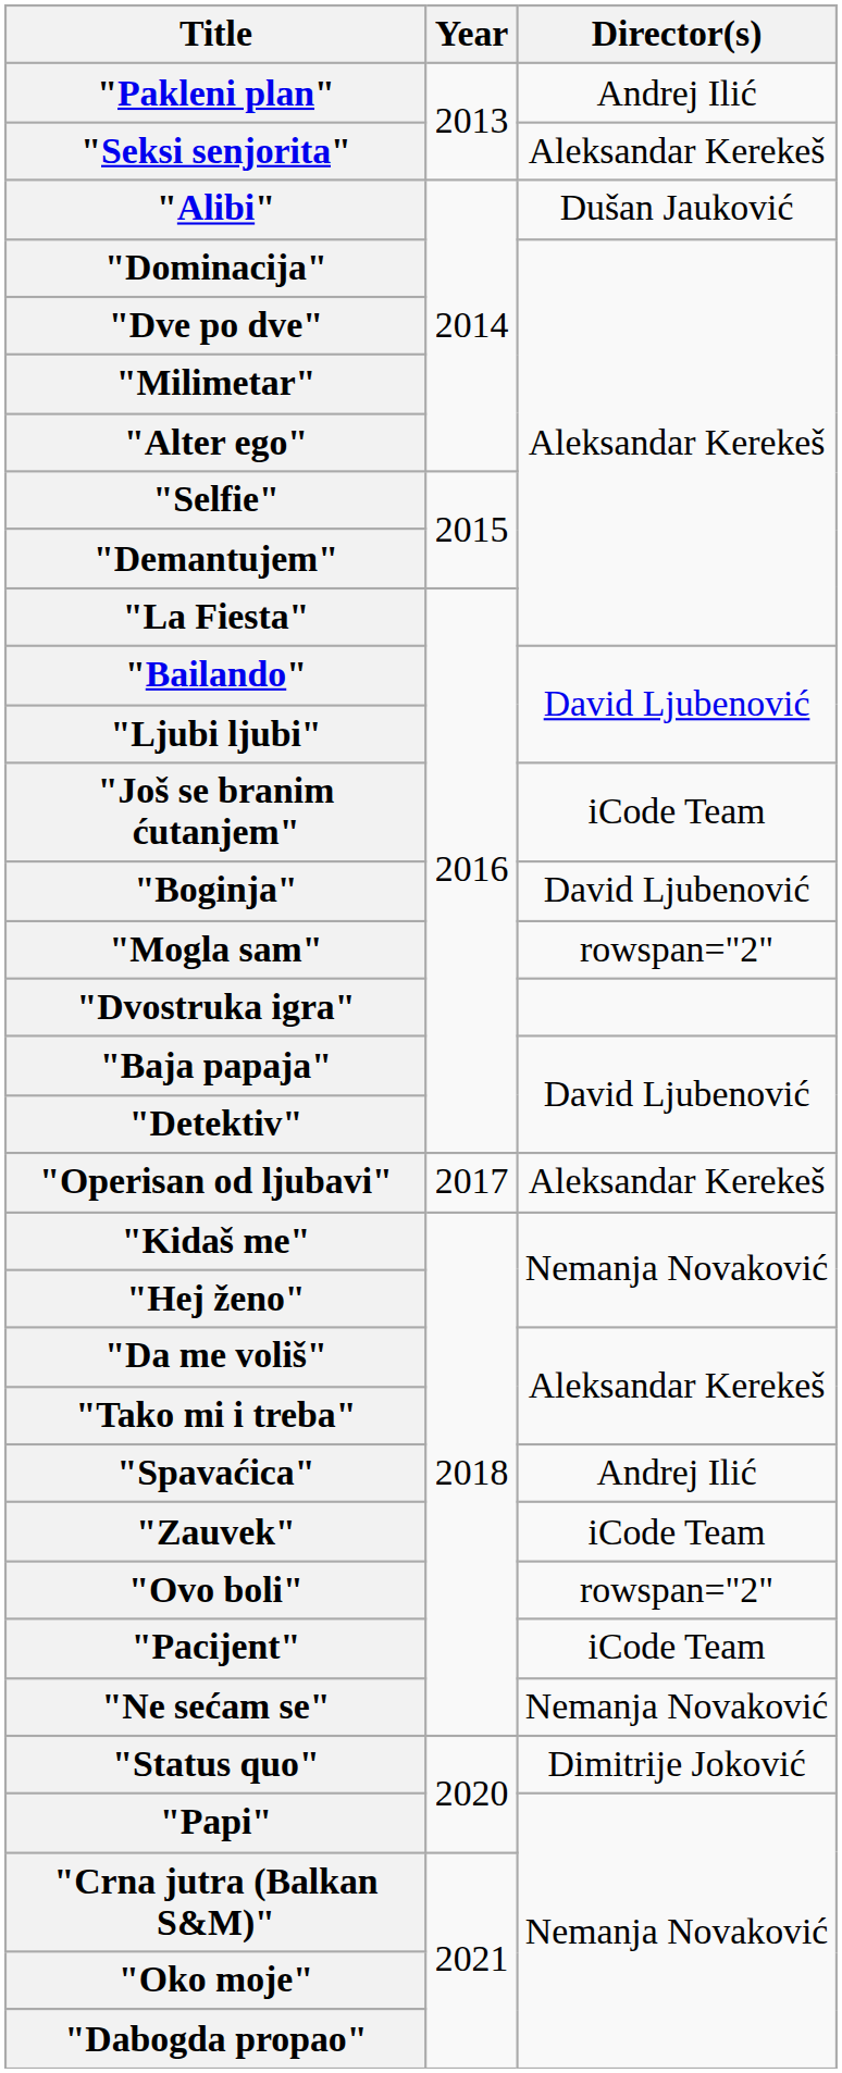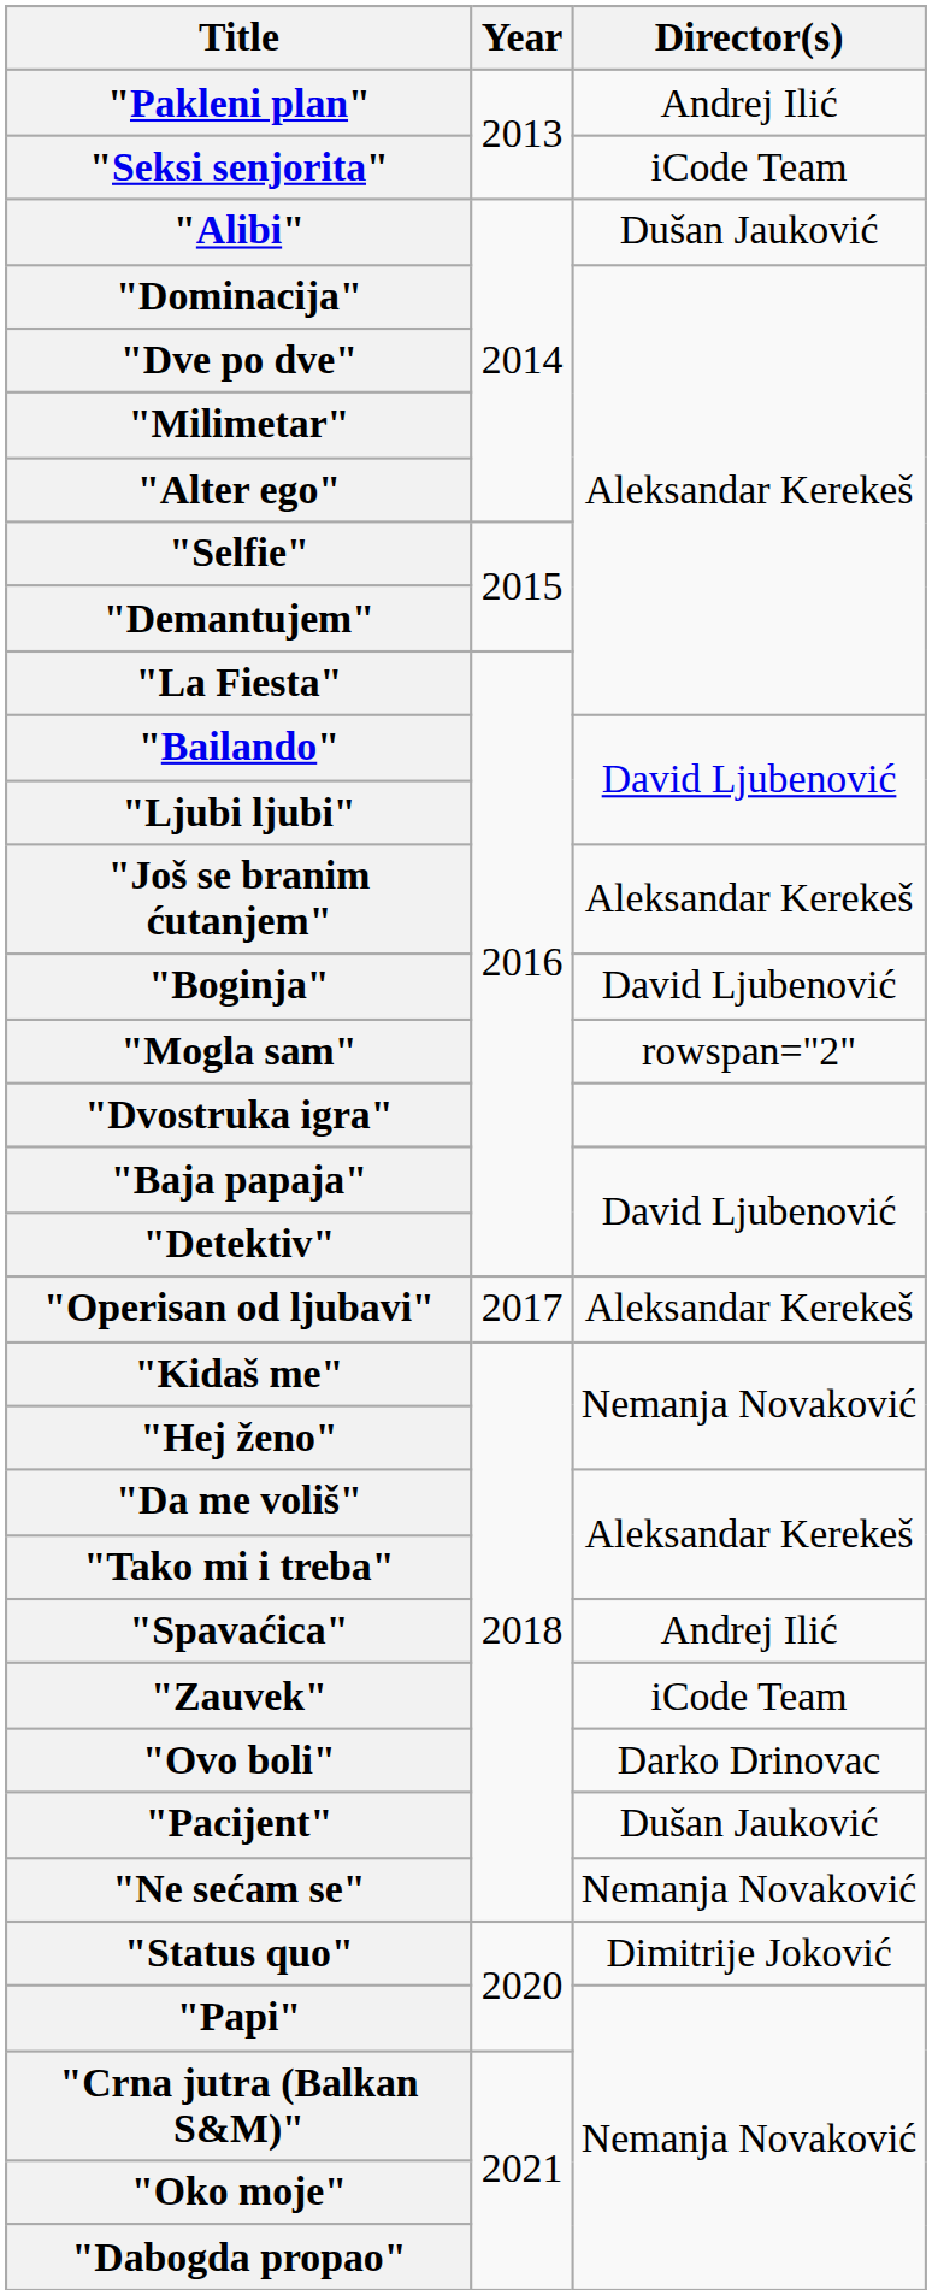 <table class="wikitable plainrowheaders" style="text-align:center;">
 <tr>
 <th scope="col" style="width:11em;">Title</th>
 <th scope="col">Year</th>
 <th scope="col">Director(s)</th>
 </tr>
 <tr>
 <th scope="row">"<a href='#'>Pakleni plan</a>"</th>
 <td rowspan="2">2013</td>
 <td>Andrej Ilić</td>
 </tr>
 <tr>
 <th scope="row">"<a href='#'>Seksi senjorita</a>"</th>
-<td>Aleksandar Kerekeš</td>
+<td>iCode Team</td>
 </tr>
 <tr>
 <th scope="row">"<a href='#'>Alibi</a>"<br></th>
 <td rowspan="5">2014</td>
 <td>Dušan Jauković</td>
 </tr>
 <tr>
 <th scope="row">"Dominacija"</th>
 <td rowspan="7">Aleksandar Kerekeš</td>
 </tr>
 <tr>
 <th scope="row">"Dve po dve"</th>
 </tr>
 <tr>
 <th scope="row">"Milimetar"</th>
 </tr>
 <tr>
 <th scope="row">"Alter ego"</th>
 </tr>
 <tr>
 <th scope="row">"Selfie"</th>
 <td rowspan="2">2015</td>
 </tr>
 <tr>
 <th scope="row">"Demantujem"</th>
 </tr>
 <tr>
 <th scope="row">"La Fiesta"</th>
 <td rowspan="9">2016</td>
 </tr>
 <tr>
 <th scope="row">"<a href='#'>Bailando</a>"</th>
 <td rowspan="2"><a href='#'>David Ljubenović</a></td>
 </tr>
 <tr>
 <th scope="row">"Ljubi ljubi"</th>
 </tr>
 <tr>
 <th scope="row">"Još se branim ćutanjem"<br></th>
-<td>iCode Team</td>
+<td>Aleksandar Kerekeš</td>
 </tr>
 <tr>
 <th scope="row">"Boginja"</th>
 <td>David Ljubenović</td>
 </tr>
 <tr>
 <th scope="row">"Mogla sam"</th>
 <td>rowspan="2" </td>
 </tr>
 <tr>
 <th scope="row">"Dvostruka igra"</th>
 </tr>
 <tr>
 <th scope="row">"Baja papaja"</th>
 <td rowspan="2">David Ljubenović</td>
 </tr>
 <tr>
 <th scope="row">"Detektiv"</th>
 </tr>
 <tr>
 <th scope="row">"Operisan od ljubavi"</th>
 <td>2017</td>
 <td>Aleksandar Kerekeš</td>
 </tr>
 <tr>
 <th scope="row">"Kidaš me"<br></th>
 <td rowspan="9">2018</td>
 <td rowspan="2">Nemanja Novaković</td>
 </tr>
 <tr>
 <th scope="row">"Hej ženo"</th>
 </tr>
 <tr>
 <th scope="row">"Da me voliš"</th>
 <td rowspan="2">Aleksandar Kerekeš</td>
 </tr>
 <tr>
 <th scope="row">"Tako mi i treba"</th>
 </tr>
 <tr>
 <th scope="row">"Spavaćica"</th>
 <td>Andrej Ilić</td>
 </tr>
 <tr>
 <th scope="row">"Zauvek"</th>
 <td>iCode Team</td>
 </tr>
 <tr>
 <th scope="row">"Ovo boli"</th>
-<td>rowspan="2" </td>
+<td>Darko Drinovac</td>
 </tr>
 <tr>
 <th scope="row">"Pacijent"</th>
-<td>iCode Team</td>
+<td>Dušan Jauković</td>
 </tr>
 <tr>
 <th scope="row">"Ne sećam se"</th>
 <td>Nemanja Novaković</td>
 </tr>
 <tr>
 <th scope="row">"Status quo"</th>
 <td rowspan="2">2020</td>
 <td>Dimitrije Joković</td>
 </tr>
 <tr>
 <th scope="row">"Papi"</th>
 <td rowspan="4">Nemanja Novaković</td>
 </tr>
 <tr>
 <th scope="row">"Crna jutra (Balkan S&M)"</th>
 <td rowspan="3">2021</td>
 </tr>
 <tr>
 <th scope="row">"Oko moje"<br></th>
 </tr>
 <tr>
 <th scope="row">"Dabogda propao"</th>
 </tr>
 </table>
